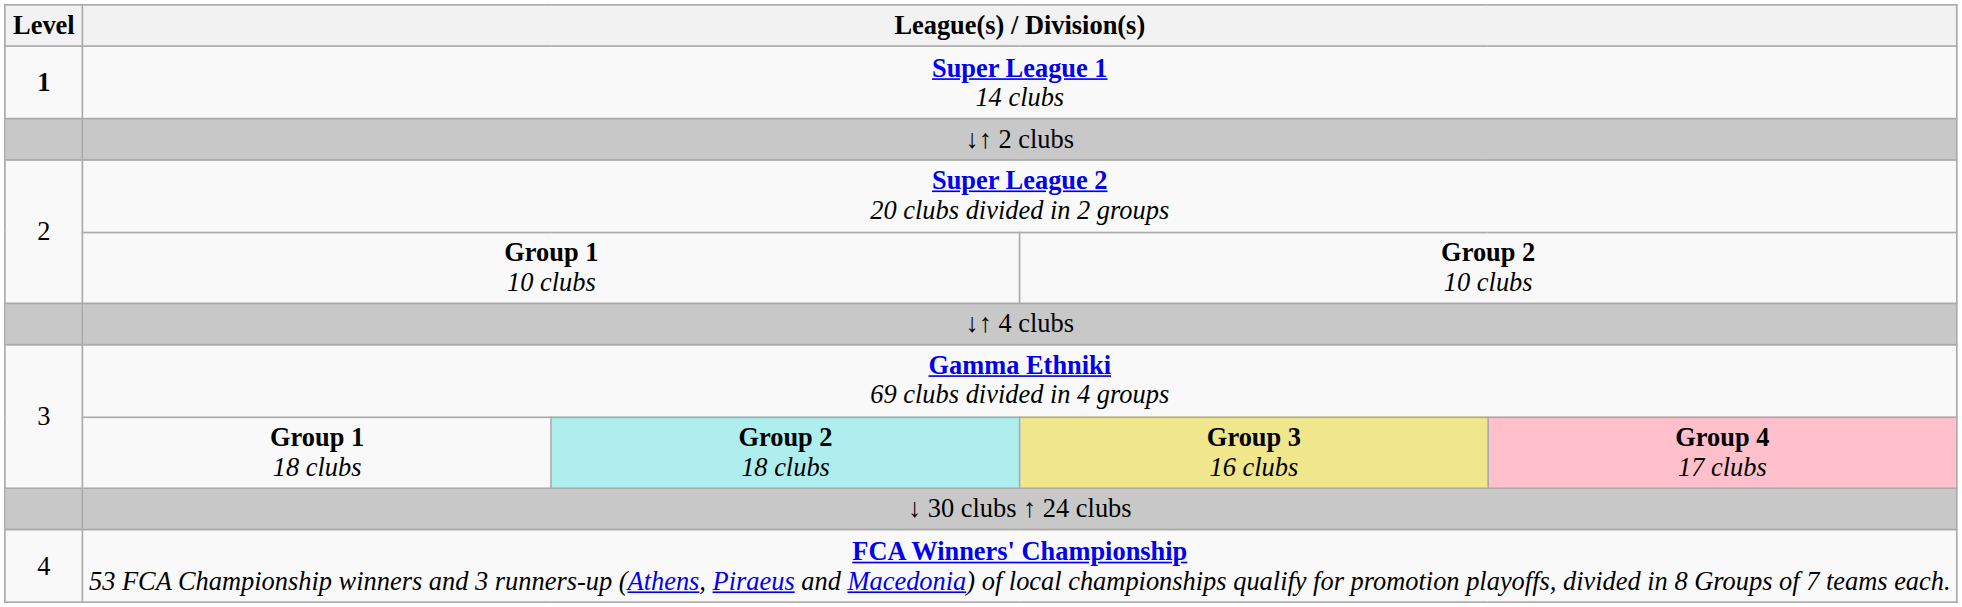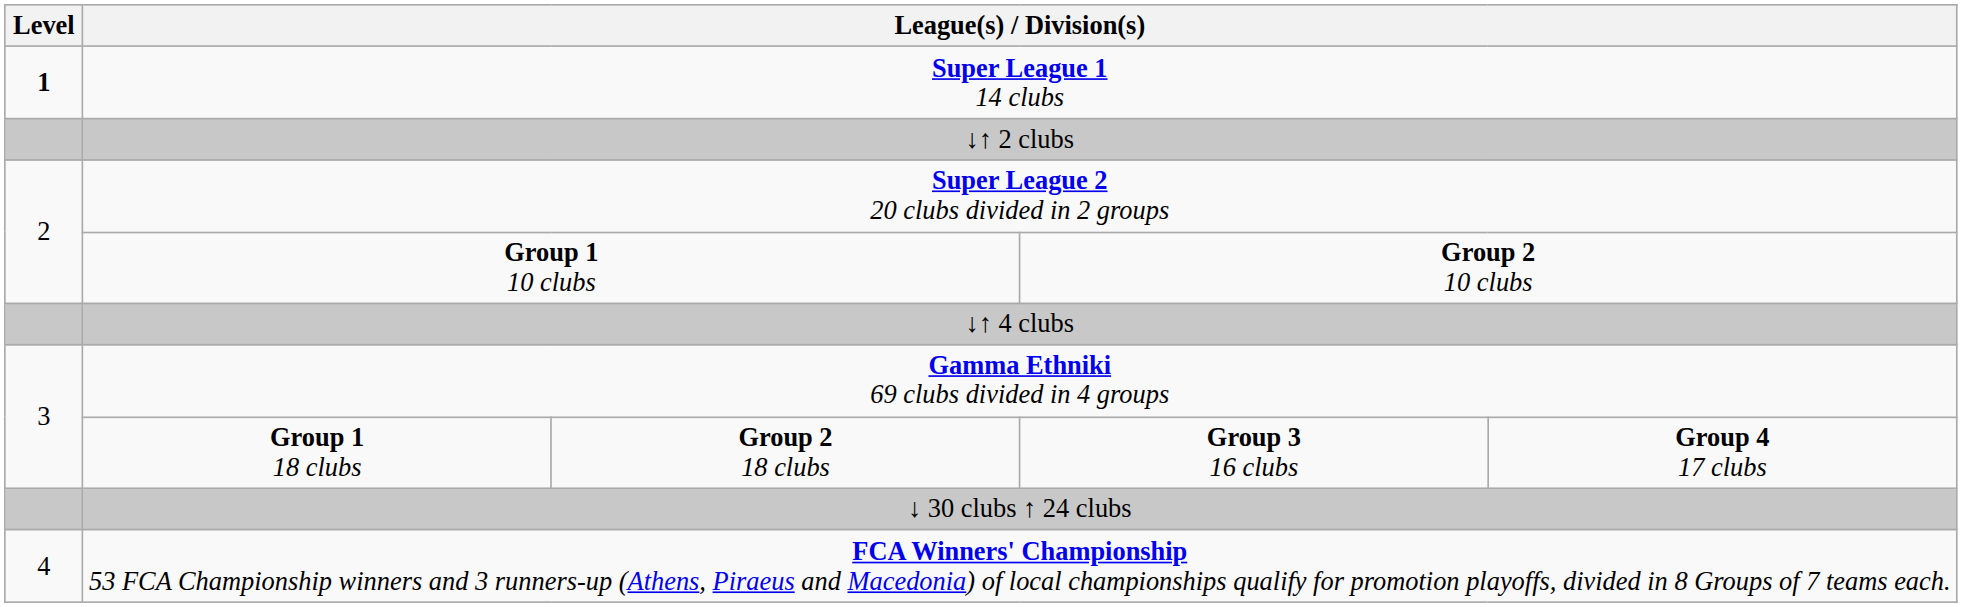 <table class="wikitable" style="text-align: center">
 <tr>
 <th colspan="1" width="4%">Level</th>
 <th colspan="4" width="96%">League(s) / Division(s)</th>
 </tr>
 <tr>
 <td colspan="1" width="4%"><strong>1</strong></td>
 <td colspan="4" width="96%"><strong><a href='#'>Super League 1</a></strong><br><em>14 clubs</em></td>
 </tr>
 <tr style="background:#c8c8c8">
 <td style="width:4%"></td>
 <td colspan="4" style="width:96%">↓↑ 2 clubs</td>
 </tr>
 <tr>
 <td colspan="1" rowspan="2" width="4%">2</td>
 <td colspan="4" width="96%"><strong><a href='#'>Super League 2</a></strong><br><em>20 clubs divided in 2 groups</em></td>
 </tr>
 <tr>
 <td colspan="2"><strong>Group 1</strong><br><em>10 clubs</em></td>
 <td colspan="2"><strong>Group 2</strong><br><em>10 clubs</em></td>
 </tr>
 <tr style="background:#c8c8c8">
 <td style="width:4%"></td>
 <td colspan="4" style="width:96%">↓↑ 4 clubs</td>
 </tr>
 <tr>
 <td colspan="1" rowspan="2" width="4%">3</td>
 <td colspan="4" width="96%"><strong><a href='#'>Gamma Ethniki</a></strong><br><em>69 clubs divided in 4 groups</em></td>
 </tr>
 <tr>
 <td><strong>Group 1</strong><br><em>18 clubs</em></td>
-<td style="background: paleturquoise;"><strong>Group 2</strong><br><em>18 clubs</em></td>
-<td style="background: khaki;"><strong>Group 3</strong><br><em>16 clubs</em></td>
-<td style="background: pink;"><strong>Group 4</strong><br><em>17 clubs</em></td>
+<td><strong>Group 2</strong><br><em>18 clubs</em></td>
+<td><strong>Group 3</strong><br><em>16 clubs</em></td>
+<td><strong>Group 4</strong><br><em>17 clubs</em></td>
 </tr>
 <tr style="background:#c8c8c8">
 <td style="width:4%"></td>
 <td colspan="4" style="width:96%">↓ 30 clubs ↑ 24 clubs</td>
 </tr>
 <tr>
 <td colspan="1" width="4%">4</td>
 <td colspan="4" width="96%"><strong><a href='#'>FCA Winners' Championship</a></strong><br><em>53 FCA Championship winners and 3 runners-up (<a href='#'>Athens</a>, <a href='#'>Piraeus</a> and <a href='#'>Macedonia</a>) of local championships qualify for promotion playoffs, divided in 8 Groups of 7 teams each.</em></td>
 </tr>
 </table>
